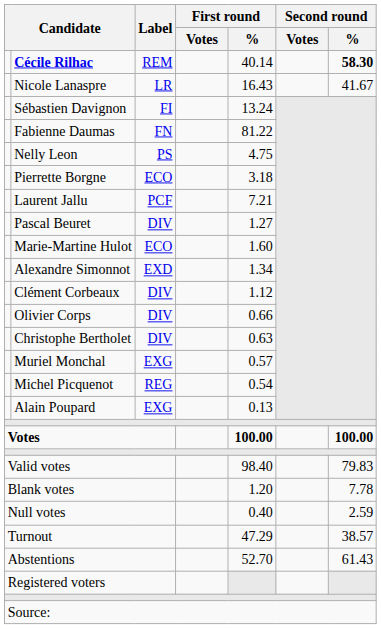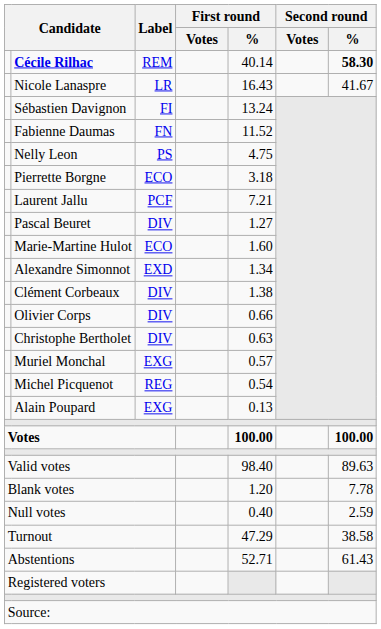 <table class="wikitable" style="text-align:right;font-size:95%;">
 <tr>
 <th rowspan="2" colspan="2">Candidate</th>
 <th rowspan="2">Label</th>
 <th colspan="2">First round</th>
 <th colspan="2">Second round</th>
 </tr>
 <tr>
 <th style="width:50px;">Votes</th>
 <th style="width:45px;">%</th>
 <th style="width:50px;">Votes</th>
 <th style="width:45px;">%</th>
 </tr>
 <tr>
 <td style="color:inherit;background:"></td>
 <td style="text-align:left;"><strong><a href='#'>Cécile Rilhac</a></strong></td>
 <td><a href='#'>REM</a></td>
 <td></td>
 <td>40.14</td>
 <td><strong></strong></td>
 <td><strong>58.30</strong></td>
 </tr>
 <tr>
 <td style="color:inherit;background:"></td>
 <td style="text-align:left;">Nicole Lanaspre</td>
 <td><a href='#'>LR</a></td>
 <td></td>
 <td>16.43</td>
 <td></td>
 <td>41.67</td>
 </tr>
 <tr>
 <td style="color:inherit;background:"></td>
 <td style="text-align:left;">Sébastien Davignon</td>
 <td><a href='#'>FI</a></td>
 <td></td>
 <td>13.24</td>
 <td colspan="2" rowspan="14" style="background:#E9E9E9;"></td>
 </tr>
 <tr>
 <td style="color:inherit;background:"></td>
 <td style="text-align:left;">Fabienne Daumas</td>
 <td><a href='#'>FN</a></td>
 <td></td>
-<td>81.22</td>
+<td>11.52</td>
 </tr>
 <tr>
 <td style="color:inherit;background:"></td>
 <td style="text-align:left;">Nelly Leon</td>
 <td><a href='#'>PS</a></td>
 <td></td>
 <td>4.75</td>
 </tr>
 <tr>
 <td style="color:inherit;background:"></td>
 <td style="text-align:left;">Pierrette Borgne</td>
 <td><a href='#'>ECO</a></td>
 <td></td>
 <td>3.18</td>
 </tr>
 <tr>
 <td style="color:inherit;background:"></td>
 <td style="text-align:left;">Laurent Jallu</td>
 <td><a href='#'>PCF</a></td>
 <td></td>
 <td>7.21</td>
 </tr>
 <tr>
 <td style="color:inherit;background:"></td>
 <td style="text-align:left;">Pascal Beuret</td>
 <td><a href='#'>DIV</a></td>
 <td></td>
 <td>1.27</td>
 </tr>
 <tr>
 <td style="color:inherit;background:"></td>
 <td style="text-align:left;">Marie-Martine Hulot</td>
 <td><a href='#'>ECO</a></td>
 <td></td>
 <td>1.60</td>
 </tr>
 <tr>
 <td style="color:inherit;background:"></td>
 <td style="text-align:left;">Alexandre Simonnot</td>
 <td><a href='#'>EXD</a></td>
 <td></td>
 <td>1.34</td>
 </tr>
 <tr>
 <td style="color:inherit;background:"></td>
 <td style="text-align:left;">Clément Corbeaux</td>
 <td><a href='#'>DIV</a></td>
 <td></td>
-<td>1.12</td>
+<td>1.38</td>
 </tr>
 <tr>
 <td style="color:inherit;background:"></td>
 <td style="text-align:left;">Olivier Corps</td>
 <td><a href='#'>DIV</a></td>
 <td></td>
 <td>0.66</td>
 </tr>
 <tr>
 <td style="color:inherit;background:"></td>
 <td style="text-align:left;">Christophe Bertholet</td>
 <td><a href='#'>DIV</a></td>
 <td></td>
 <td>0.63</td>
 </tr>
 <tr>
 <td style="color:inherit;background:"></td>
 <td style="text-align:left;">Muriel Monchal</td>
 <td><a href='#'>EXG</a></td>
 <td></td>
 <td>0.57</td>
 </tr>
 <tr>
 <td style="color:inherit;background:"></td>
 <td style="text-align:left;">Michel Picquenot</td>
 <td><a href='#'>REG</a></td>
 <td></td>
 <td>0.54</td>
 </tr>
 <tr>
 <td style="color:inherit;background:"></td>
 <td style="text-align:left;">Alain Poupard</td>
 <td><a href='#'>EXG</a></td>
 <td></td>
 <td>0.13</td>
 </tr>
 <tr>
 <td colspan="7" style="background:#E9E9E9;"></td>
 </tr>
 <tr style="font-weight:bold;">
 <td colspan="3" style="text-align:left;">Votes</td>
 <td></td>
 <td>100.00</td>
 <td></td>
 <td>100.00</td>
 </tr>
 <tr>
 <td colspan="7" style="background:#E9E9E9;"></td>
 </tr>
 <tr>
 <td colspan="3" style="text-align:left;">Valid votes</td>
 <td></td>
 <td>98.40</td>
 <td></td>
-<td>79.83</td>
+<td>89.63</td>
 </tr>
 <tr>
 <td colspan="3" style="text-align:left;">Blank votes</td>
 <td></td>
 <td>1.20</td>
 <td></td>
 <td>7.78</td>
 </tr>
 <tr>
 <td colspan="3" style="text-align:left;">Null votes</td>
 <td></td>
 <td>0.40</td>
 <td></td>
 <td>2.59</td>
 </tr>
 <tr>
 <td colspan="3" style="text-align:left;">Turnout</td>
 <td></td>
 <td>47.29</td>
 <td></td>
-<td>38.57</td>
+<td>38.58</td>
 </tr>
 <tr>
 <td colspan="3" style="text-align:left;">Abstentions</td>
 <td></td>
-<td>52.70</td>
+<td>52.71</td>
 <td></td>
 <td>61.43</td>
 </tr>
 <tr>
 <td colspan="3" style="text-align:left;">Registered voters</td>
 <td></td>
 <td style="color:inherit;background:#E9E9E9;"></td>
 <td></td>
 <td style="color:inherit;background:#E9E9E9;"></td>
 </tr>
 <tr>
 <td colspan="7" style="background:#E9E9E9;"></td>
 </tr>
 <tr>
 <td colspan="7" style="text-align:left;">Source: </td>
 </tr>
 </table>
